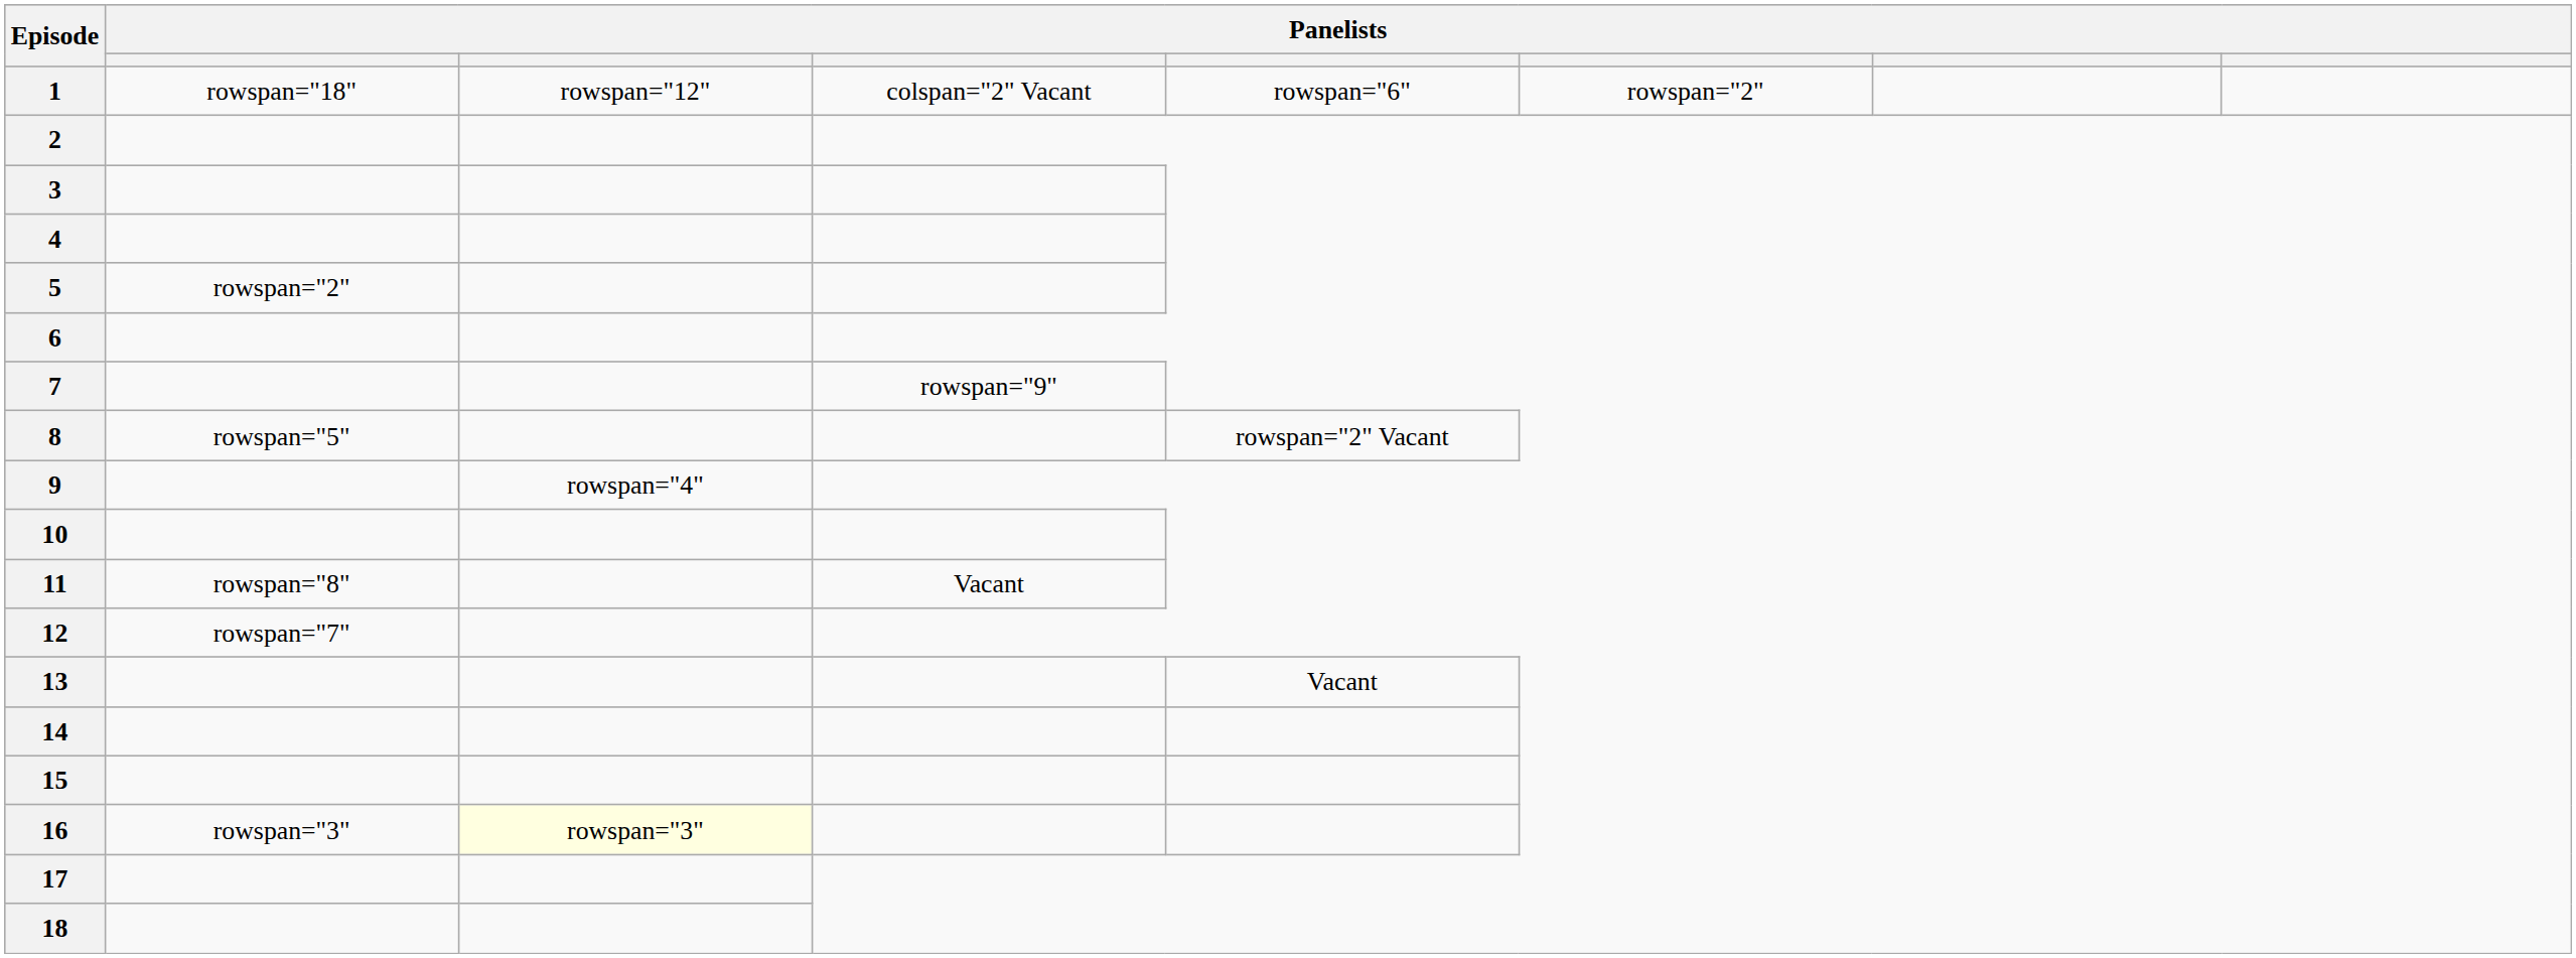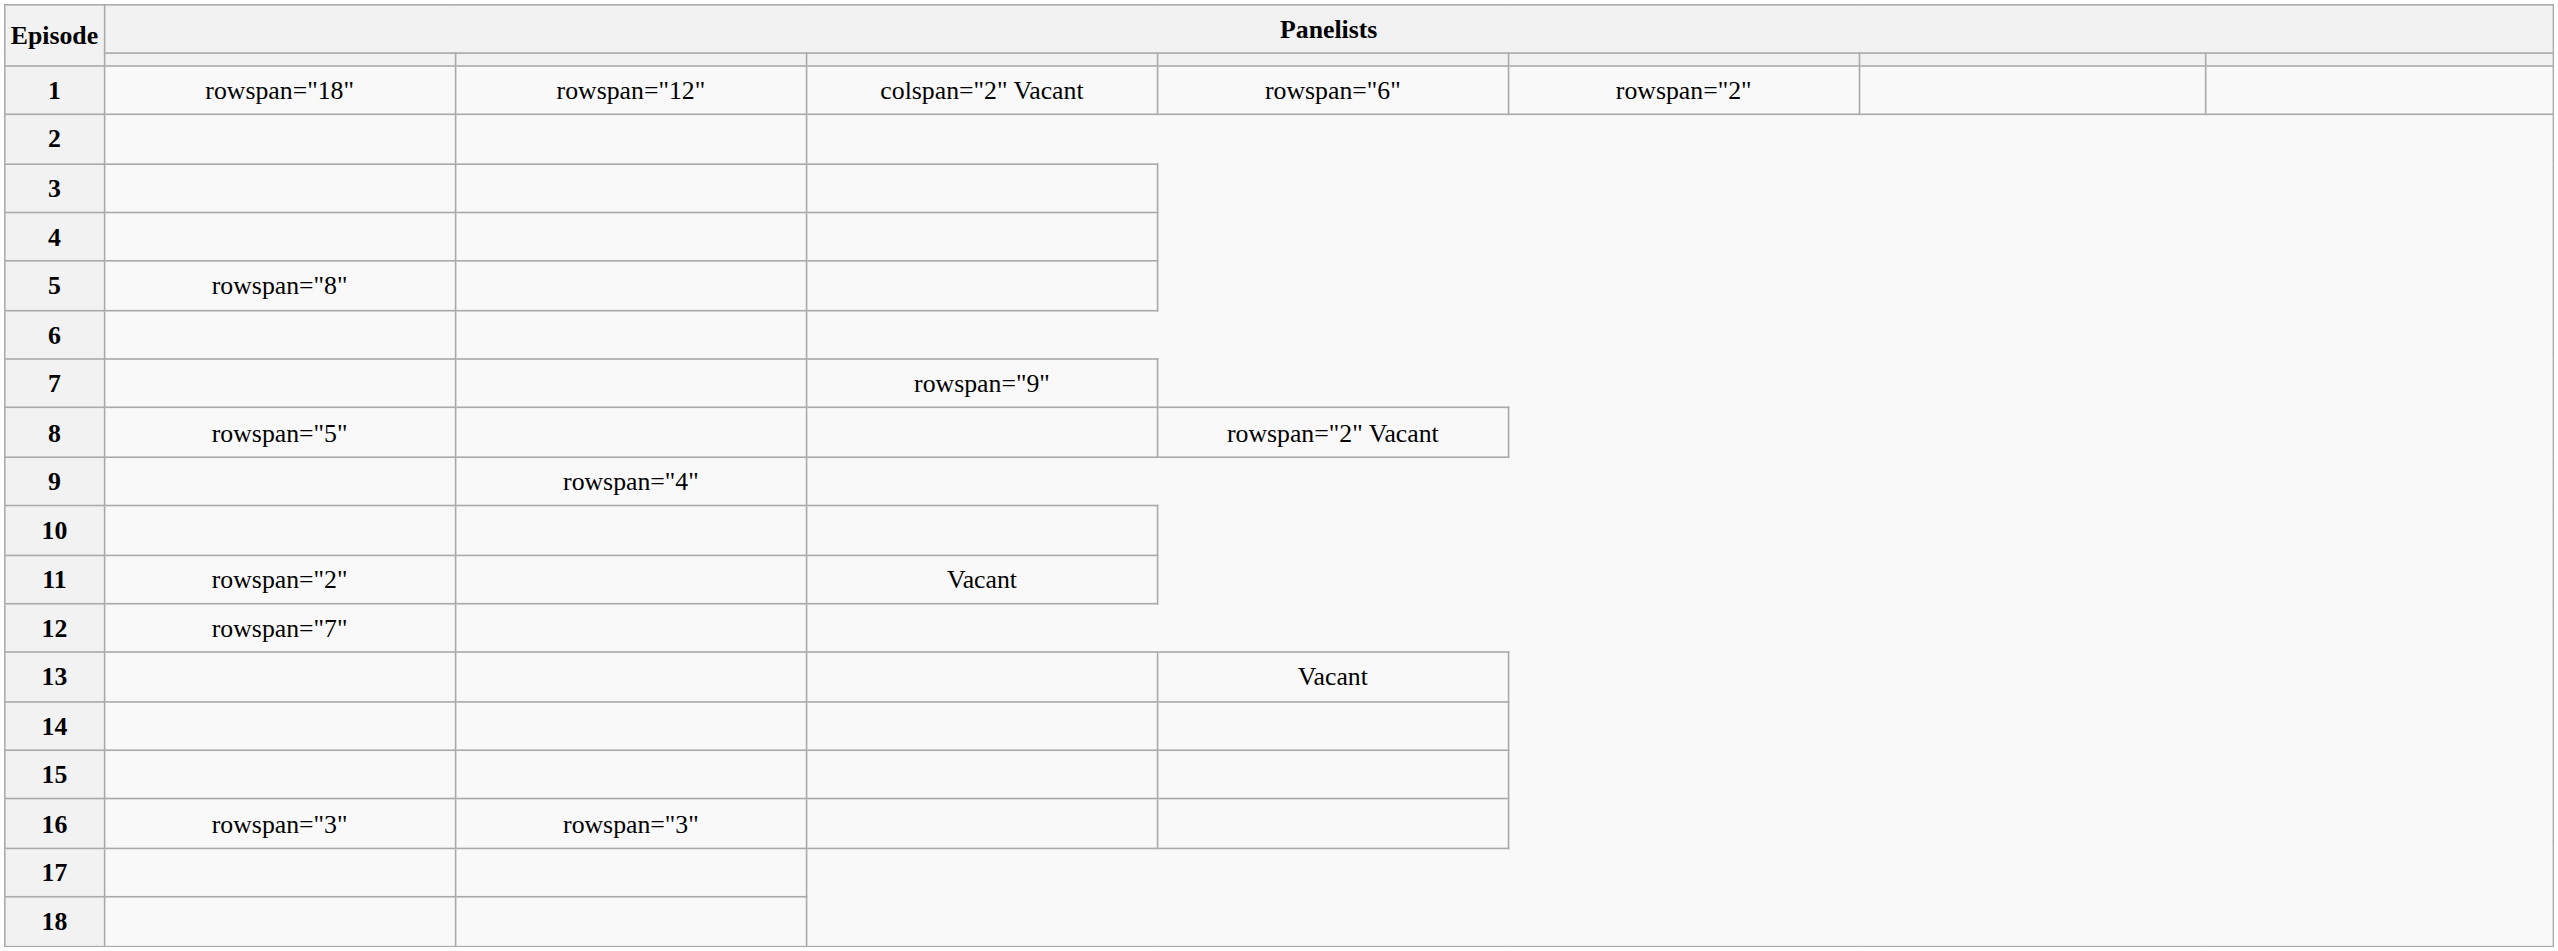 <table class="wikitable plainrowheaders mw-collapsible" style="text-align:center; line-height:23px; width:100%;">
 <tr>
 <th rowspan="2" width="1%">Episode</th>
 <th colspan="7">Panelists</th>
 </tr>
 <tr>
 <th width="14%"></th>
 <th width="14%"></th>
 <th width="14%"></th>
 <th width="14%"></th>
 <th width="14%"></th>
 <th width="14%"></th>
 <th width="14%"></th>
 </tr>
 <tr>
 <th>1</th>
 <td>rowspan="18" </td>
 <td>rowspan="12" </td>
 <td>colspan="2"  Vacant</td>
 <td>rowspan="6" </td>
 <td>rowspan="2" </td>
 <td></td>
 <td></td>
 </tr>
 <tr>
 <th>2</th>
 <td></td>
 <td></td>
 </tr>
 <tr>
 <th>3</th>
 <td></td>
 <td></td>
 <td></td>
 </tr>
 <tr>
 <th>4</th>
 <td></td>
 <td></td>
 <td></td>
 </tr>
 <tr>
 <th>5</th>
-<td>rowspan="2" </td>
+<td>rowspan="8" </td>
 <td></td>
 <td></td>
 </tr>
 <tr>
 <th>6</th>
 <td></td>
 <td></td>
 </tr>
 <tr>
 <th>7</th>
 <td></td>
 <td></td>
 <td>rowspan="9" </td>
 </tr>
 <tr>
 <th>8</th>
 <td>rowspan="5" </td>
 <td></td>
 <td></td>
 <td>rowspan="2"  Vacant</td>
 </tr>
 <tr>
 <th>9</th>
 <td></td>
 <td>rowspan="4" </td>
 </tr>
 <tr>
 <th>10</th>
 <td></td>
 <td></td>
 <td></td>
 </tr>
 <tr>
 <th>11</th>
-<td>rowspan="8" </td>
+<td>rowspan="2" </td>
 <td></td>
 <td> Vacant</td>
 </tr>
 <tr>
 <th>12</th>
 <td>rowspan="7"</td>
 <td></td>
 </tr>
 <tr>
 <th>13</th>
 <td></td>
 <td></td>
 <td></td>
 <td> Vacant</td>
 </tr>
 <tr>
 <th>14</th>
 <td></td>
 <td></td>
 <td></td>
 <td></td>
 </tr>
 <tr>
 <th>15</th>
 <td></td>
 <td></td>
 <td></td>
 <td></td>
 </tr>
 <tr>
 <th>16</th>
 <td>rowspan="3" </td>
-<td style="background: lightyellow;">rowspan="3" </td>
+<td>rowspan="3" </td>
 <td></td>
 <td></td>
 </tr>
 <tr>
 <th>17</th>
 <td></td>
 <td></td>
 </tr>
 <tr>
 <th>18</th>
 <td></td>
 <td></td>
 </tr>
 </table>
